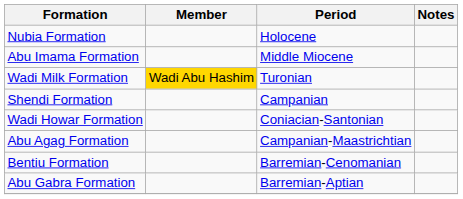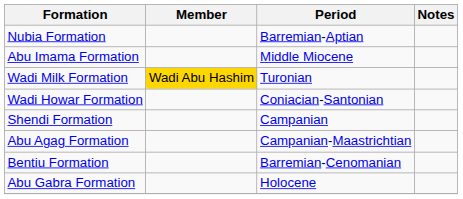 <table class="wikitable sortable">
 <tr>
 <th>Formation</th>
 <th>Member</th>
 <th>Period</th>
 <th class="unsortable">Notes</th>
 </tr>
 <tr>
 <td><a href='#'>Nubia Formation</a></td>
 <td></td>
-<td style="background-color: "><a href='#'>Holocene</a></td>
+<td style="background-color: "><a href='#'>Barremian</a>-<a href='#'>Aptian</a></td>
 <td align=center></td>
 </tr>
 <tr>
 <td><a href='#'>Abu Imama Formation</a></td>
 <td></td>
 <td style="background-color: "><a href='#'>Middle Miocene</a></td>
 <td align=center></td>
 </tr>
 <tr>
 <td><a href='#'>Wadi Milk Formation</a></td>
 <td style="background: gold;">Wadi Abu Hashim</td>
 <td style="background-color: "><a href='#'>Turonian</a></td>
 <td align=center></td>
 </tr>
 <tr>
+<td><a href='#'>Wadi Howar Formation</a></td>
+<td></td>
+<td style="background-color: "><a href='#'>Coniacian</a>-<a href='#'>Santonian</a></td>
+<td align=center></td>
+</tr>
+<tr>
 <td><a href='#'>Shendi Formation</a></td>
 <td></td>
 <td style="background-color: "><a href='#'>Campanian</a></td>
-<td align=center></td>
-</tr>
-<tr>
-<td><a href='#'>Wadi Howar Formation</a></td>
-<td></td>
-<td style="background-color: "><a href='#'>Coniacian</a>-<a href='#'>Santonian</a></td>
 <td align=center></td>
 </tr>
 <tr>
 <td><a href='#'>Abu Agag Formation</a></td>
 <td></td>
 <td style="background-color: "><a href='#'>Campanian</a>-<a href='#'>Maastrichtian</a></td>
 <td align=center></td>
 </tr>
 <tr>
 <td><a href='#'>Bentiu Formation</a></td>
 <td></td>
 <td style="background-color: "><a href='#'>Barremian</a>-<a href='#'>Cenomanian</a></td>
 <td align=center></td>
 </tr>
 <tr>
 <td><a href='#'>Abu Gabra Formation</a></td>
 <td></td>
-<td style="background-color: "><a href='#'>Barremian</a>-<a href='#'>Aptian</a></td>
+<td style="background-color: "><a href='#'>Holocene</a></td>
 <td align=center></td>
 </tr>
 <tr>
 </tr>
 </table>
